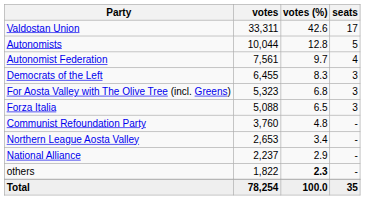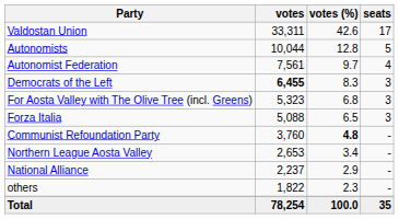 <table class="wikitable" style="font-size:95%">
 <tr bgcolor="EFEFEF">
 <th>Party</th>
 <th>      votes</th>
 <th>votes (%)</th>
 <th>seats</th>
 </tr>
 <tr>
 <td><a href='#'>Valdostan Union</a></td>
 <td align=right>33,311</td>
 <td align=right>42.6</td>
 <td align=right>17</td>
 </tr>
 <tr>
 <td><a href='#'>Autonomists</a></td>
 <td align=right>10,044</td>
 <td align=right>12.8</td>
 <td align=right>5</td>
 </tr>
 <tr>
 <td><a href='#'>Autonomist Federation</a></td>
 <td align=right>7,561</td>
 <td align=right>9.7</td>
 <td align=right>4</td>
 </tr>
 <tr>
 <td><a href='#'>Democrats of the Left</a></td>
-<td align=right>6,455</td>
+<td align=right><strong>6,455</strong></td>
 <td align=right>8.3</td>
 <td align=right>3</td>
 </tr>
 <tr>
 <td><a href='#'>For Aosta Valley with The Olive Tree</a>   (incl. <a href='#'>Greens</a>)</td>
 <td align=right>5,323</td>
 <td align=right>6.8</td>
 <td align=right>3</td>
 </tr>
 <tr>
 <td><a href='#'>Forza Italia</a></td>
 <td align=right>5,088</td>
 <td align=right>6.5</td>
 <td align=right>3</td>
 </tr>
 <tr>
 <td><a href='#'>Communist Refoundation Party</a></td>
 <td align=right>3,760</td>
-<td align=right>4.8</td>
+<td align=right><strong>4.8</strong></td>
 <td align=right>-</td>
 </tr>
 <tr>
 <td><a href='#'>Northern League Aosta Valley</a></td>
 <td align=right>2,653</td>
 <td align=right>3.4</td>
 <td align=right>-</td>
 </tr>
 <tr>
 <td><a href='#'>National Alliance</a></td>
 <td align=right>2,237</td>
 <td align=right>2.9</td>
 <td align=right>-</td>
 </tr>
 <tr>
 <td>others</td>
 <td align=right>1,822</td>
-<td align=right><strong>2.3</strong></td>
+<td align=right>2.3</td>
 <td align=right>-</td>
 </tr>
 <tr>
 </tr>
 <tr bgcolor="EFEFEF">
 <td><strong>Total</strong></td>
 <td align=right><strong>78,254</strong></td>
 <td align=right><strong>100.0</strong></td>
 <td align=right><strong>35</strong></td>
 </tr>
 </table>
